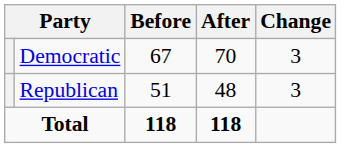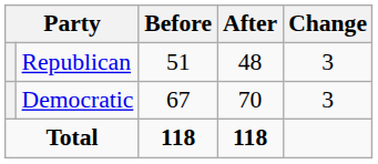 <table class="wikitable" style="text-align:center;">
 <tr>
 <th colspan="2">Party</th>
 <th>Before</th>
 <th>After</th>
 <th>Change</th>
 </tr>
 <tr>
 <th style="background-color:"></th>
-<td style="text-align:left;"><a href='#'>Democratic</a></td>
-<td>67</td>
-<td>70</td>
+<td style="text-align:left;"><a href='#'>Republican</a></td>
+<td>51</td>
+<td>48</td>
 <td> 3</td>
 </tr>
 <tr>
 <th style="background-color:"></th>
-<td style="text-align:left;"><a href='#'>Republican</a></td>
-<td>51</td>
-<td>48</td>
+<td style="text-align:left;"><a href='#'>Democratic</a></td>
+<td>67</td>
+<td>70</td>
 <td> 3</td>
 </tr>
 <tr>
 <td colspan="2"><strong>Total</strong></td>
 <td><strong>118</strong></td>
 <td><strong>118</strong></td>
 <td></td>
 </tr>
 </table>
